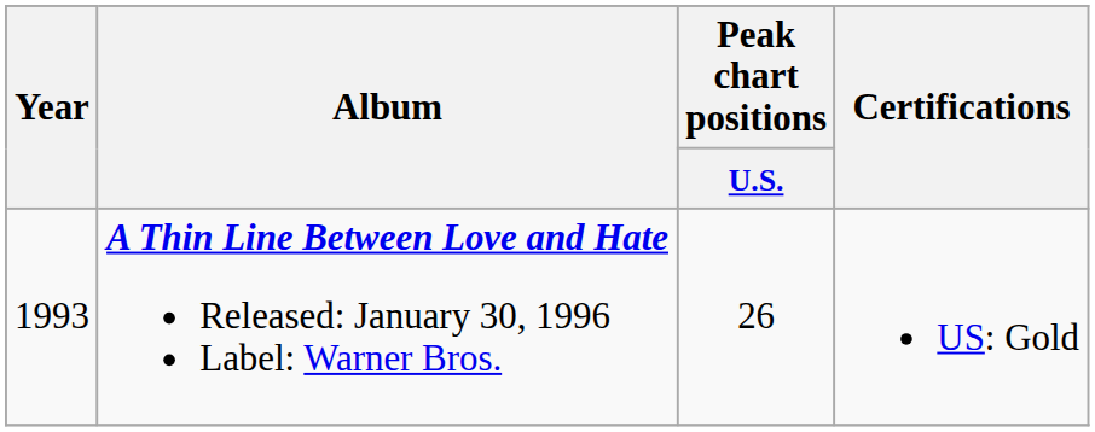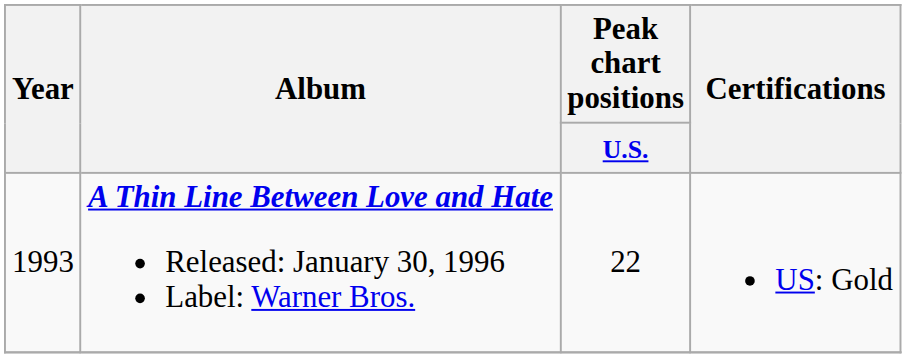 <table class="wikitable">
 <tr>
 <th rowspan="2">Year</th>
 <th rowspan="2">Album</th>
 <th colspan="1">Peak chart positions</th>
 <th rowspan="2">Certifications</th>
 </tr>
 <tr>
 <th width=40><small><a href='#'>U.S.</a></small></th>
 </tr>
 <tr>
 <td>1993</td>
 <td><strong><em><a href='#'>A Thin Line Between Love and Hate</a></em></strong><br><ul><li>Released: January 30, 1996</li><li>Label: <a href='#'>Warner Bros.</a></li></ul></td>
-<td align="center">26</td>
+<td align="center">22</td>
 <td><br><ul><li><a href='#'>US</a>: Gold</li></ul></td>
 </tr>
 <tr>
 </tr>
 </table>
